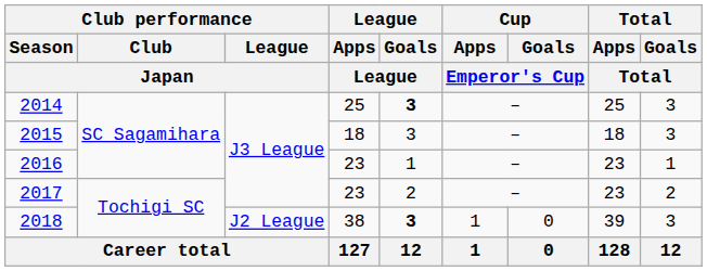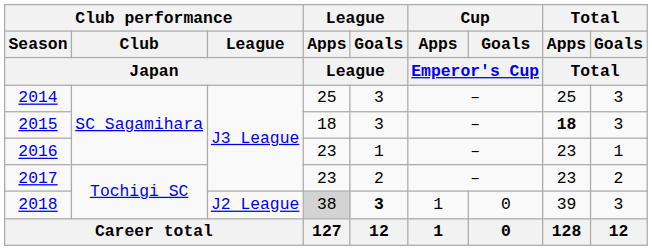 <table class="wikitable" style="text-align:center">
 <tr>
 <th colspan=3>Club performance</th>
 <th colspan=2>League</th>
 <th colspan=2>Cup</th>
 <th colspan=2>Total</th>
 </tr>
 <tr>
 <th>Season</th>
 <th>Club</th>
 <th>League</th>
 <th>Apps</th>
 <th>Goals</th>
 <th>Apps</th>
 <th>Goals</th>
 <th>Apps</th>
 <th>Goals</th>
 </tr>
 <tr>
 <th colspan=3>Japan</th>
 <th colspan=2>League</th>
 <th colspan=2><a href='#'>Emperor's Cup</a></th>
 <th colspan=2>Total</th>
 </tr>
 <tr>
 <td><a href='#'>2014</a></td>
 <td rowspan="3"><a href='#'>SC Sagamihara</a></td>
 <td rowspan="4"><a href='#'>J3 League</a></td>
 <td>25</td>
-<td><strong>3</strong></td>
+<td>3</td>
 <td colspan="2">–</td>
 <td>25</td>
 <td>3</td>
 </tr>
 <tr>
 <td><a href='#'>2015</a></td>
 <td>18</td>
 <td>3</td>
 <td colspan="2">–</td>
-<td>18</td>
+<td><strong>18</strong></td>
 <td>3</td>
 </tr>
 <tr>
 <td><a href='#'>2016</a></td>
 <td>23</td>
 <td>1</td>
 <td colspan="2">–</td>
 <td>23</td>
 <td>1</td>
 </tr>
 <tr>
 <td><a href='#'>2017</a></td>
 <td rowspan="2"><a href='#'>Tochigi SC</a></td>
 <td>23</td>
 <td>2</td>
 <td colspan="2">–</td>
 <td>23</td>
 <td>2</td>
 </tr>
 <tr>
 <td><a href='#'>2018</a></td>
 <td><a href='#'>J2 League</a></td>
-<td>38</td>
+<td style="background: lightgrey;">38</td>
 <td><strong>3</strong></td>
 <td>1</td>
 <td>0</td>
 <td>39</td>
 <td>3</td>
 </tr>
 <tr>
 <th colspan=3>Career total</th>
 <th>127</th>
 <th>12</th>
 <th>1</th>
 <th>0</th>
 <th>128</th>
 <th>12</th>
 </tr>
 </table>
